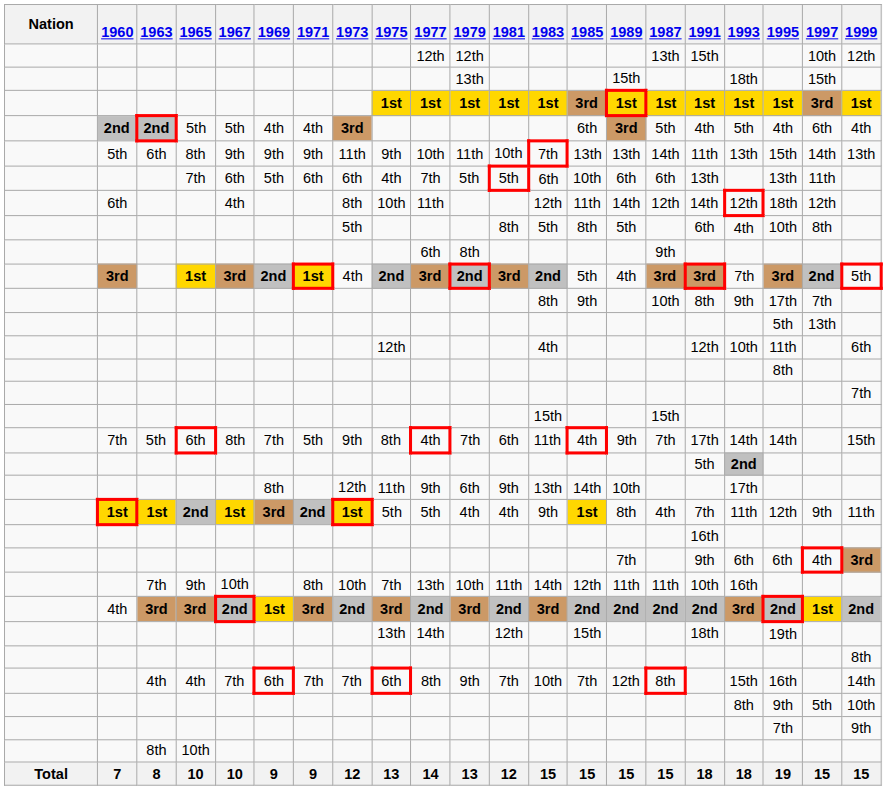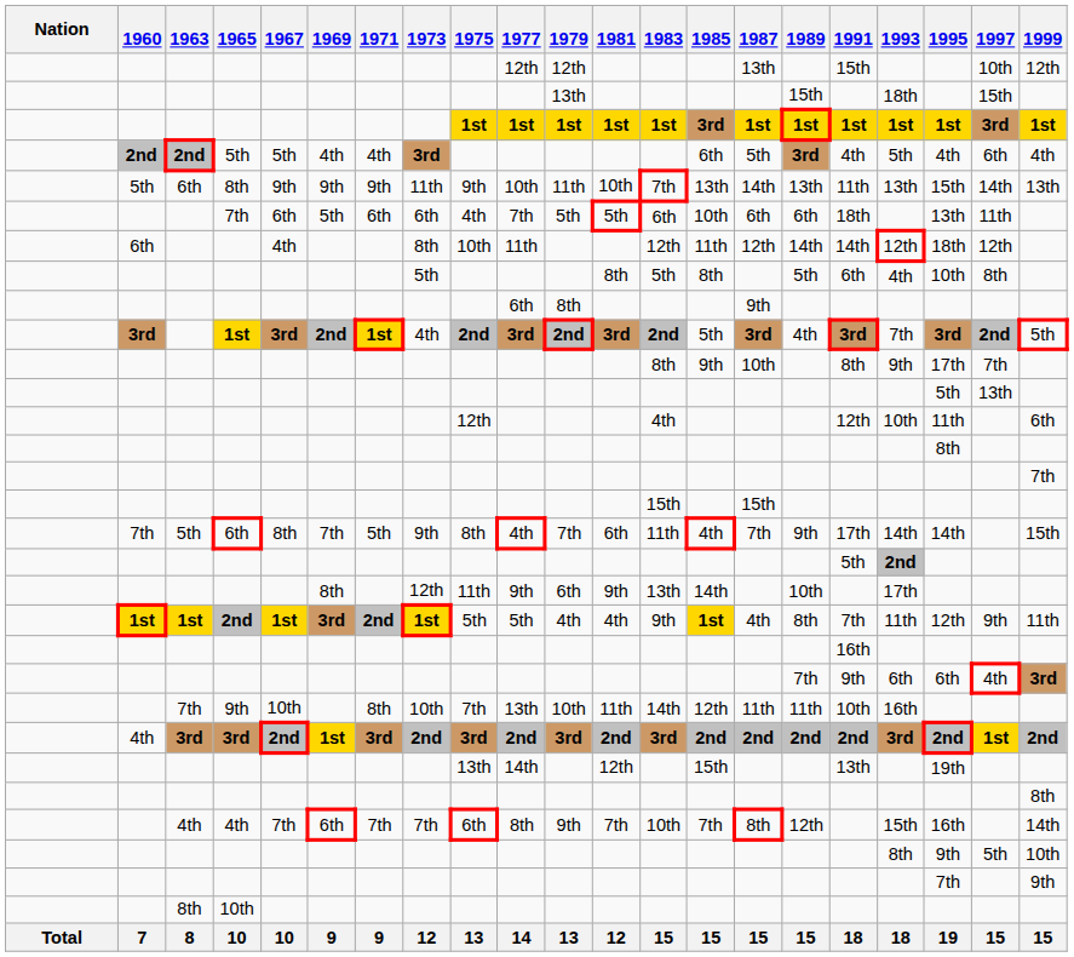 <table class="wikitable" style="text-align:center; font-size:90%">
 <tr>
 <th width=170>Nation</th>
 <th><br><a href='#'>1960</a></th>
 <th><br><a href='#'>1963</a></th>
 <th><br><a href='#'>1965</a></th>
 <th><br><a href='#'>1967</a></th>
 <th><br><a href='#'>1969</a></th>
 <th><br><a href='#'>1971</a></th>
 <th><br><a href='#'>1973</a></th>
 <th><br><a href='#'>1975</a></th>
 <th><br><a href='#'>1977</a></th>
 <th><br><a href='#'>1979</a></th>
 <th><br><a href='#'>1981</a></th>
 <th><br><a href='#'>1983</a></th>
 <th><br><a href='#'>1985</a></th>
+<th><br><a href='#'>1987</a></th>
 <th><br><a href='#'>1989</a></th>
-<th><br><a href='#'>1987</a></th>
 <th><br><a href='#'>1991</a></th>
 <th><br><a href='#'>1993</a></th>
 <th><br><a href='#'>1995</a></th>
 <th><br><a href='#'>1997</a></th>
 <th><br><a href='#'>1999</a></th>
 </tr>
 <tr>
 <td align=left></td>
 <td></td>
 <td></td>
 <td></td>
 <td></td>
 <td></td>
 <td></td>
 <td></td>
 <td></td>
 <td>12th</td>
 <td>12th</td>
 <td></td>
 <td></td>
 <td></td>
+<td>13th</td>
 <td></td>
-<td>13th</td>
 <td>15th</td>
 <td></td>
 <td></td>
 <td>10th</td>
 <td>12th</td>
 </tr>
 <tr>
 <td align=left></td>
 <td></td>
 <td></td>
 <td></td>
 <td></td>
 <td></td>
 <td></td>
 <td></td>
 <td></td>
 <td></td>
 <td>13th</td>
 <td></td>
 <td></td>
 <td></td>
+<td></td>
 <td>15th</td>
-<td></td>
 <td></td>
 <td>18th</td>
 <td></td>
 <td>15th</td>
 <td></td>
 </tr>
 <tr>
 <td align=left></td>
 <td></td>
 <td></td>
 <td></td>
 <td></td>
 <td></td>
 <td></td>
 <td></td>
 <td bgcolor=gold><strong>1st</strong></td>
 <td bgcolor=gold><strong>1st</strong></td>
 <td bgcolor=gold><strong>1st</strong></td>
 <td bgcolor=gold><strong>1st</strong></td>
 <td bgcolor=gold><strong>1st</strong></td>
 <td bgcolor=#cc9966><strong>3rd</strong></td>
+<td bgcolor=gold><strong>1st</strong></td>
 <td style="border: 3px solid red" bgcolor=gold><strong>1st</strong></td>
-<td bgcolor=gold><strong>1st</strong></td>
 <td bgcolor=gold><strong>1st</strong></td>
 <td bgcolor=gold><strong>1st</strong></td>
 <td bgcolor=gold><strong>1st</strong></td>
 <td bgcolor=#cc9966><strong>3rd</strong></td>
 <td bgcolor=gold><strong>1st</strong></td>
 </tr>
 <tr>
 <td align=left></td>
 <td bgcolor=silver><strong>2nd</strong></td>
 <td style="border: 3px solid red" bgcolor=silver><strong>2nd</strong></td>
 <td>5th</td>
 <td>5th</td>
 <td>4th</td>
 <td>4th</td>
 <td bgcolor=#cc9966><strong>3rd</strong></td>
 <td></td>
 <td></td>
 <td></td>
 <td></td>
 <td></td>
 <td>6th</td>
+<td>5th</td>
 <td bgcolor=#cc9966><strong>3rd</strong></td>
-<td>5th</td>
 <td>4th</td>
 <td>5th</td>
 <td>4th</td>
 <td>6th</td>
 <td>4th</td>
 </tr>
 <tr>
 <td align=left></td>
 <td>5th</td>
 <td>6th</td>
 <td>8th</td>
 <td>9th</td>
 <td>9th</td>
 <td>9th</td>
 <td>11th</td>
 <td>9th</td>
 <td>10th</td>
 <td>11th</td>
 <td>10th</td>
 <td style="border: 3px solid red">7th</td>
 <td>13th</td>
+<td>14th</td>
 <td>13th</td>
-<td>14th</td>
 <td>11th</td>
 <td>13th</td>
 <td>15th</td>
 <td>14th</td>
 <td>13th</td>
 </tr>
 <tr>
 <td align=left></td>
 <td></td>
 <td></td>
 <td>7th</td>
 <td>6th</td>
 <td>5th</td>
 <td>6th</td>
 <td>6th</td>
 <td>4th</td>
 <td>7th</td>
 <td>5th</td>
 <td style="border: 3px solid red">5th</td>
 <td>6th</td>
 <td>10th</td>
 <td>6th</td>
 <td>6th</td>
-<td>13th</td>
+<td>18th</td>
 <td></td>
 <td>13th</td>
 <td>11th</td>
 <td></td>
 </tr>
 <tr>
 <td align=left></td>
 <td>6th</td>
 <td></td>
 <td></td>
 <td>4th</td>
 <td></td>
 <td></td>
 <td>8th</td>
 <td>10th</td>
 <td>11th</td>
 <td></td>
 <td></td>
 <td>12th</td>
 <td>11th</td>
+<td>12th</td>
 <td>14th</td>
-<td>12th</td>
 <td>14th</td>
 <td style="border: 3px solid red">12th</td>
 <td>18th</td>
 <td>12th</td>
 <td></td>
 </tr>
 <tr>
 <td align=left></td>
 <td></td>
 <td></td>
 <td></td>
 <td></td>
 <td></td>
 <td></td>
 <td>5th</td>
 <td></td>
 <td></td>
 <td></td>
 <td>8th</td>
 <td>5th</td>
 <td>8th</td>
+<td></td>
 <td>5th</td>
-<td></td>
 <td>6th</td>
 <td>4th</td>
 <td>10th</td>
 <td>8th</td>
 <td></td>
 </tr>
 <tr>
 <td align=left></td>
 <td></td>
 <td></td>
 <td></td>
 <td></td>
 <td></td>
 <td></td>
 <td></td>
 <td></td>
 <td>6th</td>
 <td>8th</td>
 <td></td>
 <td></td>
 <td></td>
+<td>9th</td>
 <td></td>
-<td>9th</td>
 <td></td>
 <td></td>
 <td></td>
 <td></td>
 <td></td>
 </tr>
 <tr>
 <td align=left></td>
 <td bgcolor=#cc9966><strong>3rd</strong></td>
 <td></td>
 <td bgcolor=gold><strong>1st</strong></td>
 <td bgcolor=#cc9966><strong>3rd</strong></td>
 <td bgcolor=silver><strong>2nd</strong></td>
 <td style="border: 3px solid red" bgcolor=gold><strong>1st</strong></td>
 <td>4th</td>
 <td bgcolor=silver><strong>2nd</strong></td>
 <td bgcolor=#cc9966><strong>3rd</strong></td>
 <td style="border: 3px solid red" bgcolor=silver><strong>2nd</strong></td>
 <td bgcolor=#cc9966><strong>3rd</strong></td>
 <td bgcolor=silver><strong>2nd</strong></td>
 <td>5th</td>
+<td bgcolor=#cc9966><strong>3rd</strong></td>
 <td>4th</td>
-<td bgcolor=#cc9966><strong>3rd</strong></td>
 <td style="border: 3px solid red" bgcolor=#cc9966><strong>3rd</strong></td>
 <td>7th</td>
 <td bgcolor=#cc9966><strong>3rd</strong></td>
 <td bgcolor=silver><strong>2nd</strong></td>
 <td style="border: 3px solid red">5th</td>
 </tr>
 <tr>
 <td align=left></td>
 <td></td>
 <td></td>
 <td></td>
 <td></td>
 <td></td>
 <td></td>
 <td></td>
 <td></td>
 <td></td>
 <td></td>
 <td></td>
 <td>8th</td>
 <td>9th</td>
+<td>10th</td>
 <td></td>
-<td>10th</td>
 <td>8th</td>
 <td>9th</td>
 <td>17th</td>
 <td>7th</td>
 <td></td>
 </tr>
 <tr>
 <td align=left></td>
 <td></td>
 <td></td>
 <td></td>
 <td></td>
 <td></td>
 <td></td>
 <td></td>
 <td></td>
 <td></td>
 <td></td>
 <td></td>
 <td></td>
 <td></td>
 <td></td>
 <td></td>
 <td></td>
 <td></td>
 <td>5th</td>
 <td>13th</td>
 <td></td>
 </tr>
 <tr>
 <td align=left></td>
 <td></td>
 <td></td>
 <td></td>
 <td></td>
 <td></td>
 <td></td>
 <td></td>
 <td>12th</td>
 <td></td>
 <td></td>
 <td></td>
 <td>4th</td>
 <td></td>
 <td></td>
 <td></td>
 <td>12th</td>
 <td>10th</td>
 <td>11th</td>
 <td></td>
 <td>6th</td>
 </tr>
 <tr>
 <td align=left></td>
 <td></td>
 <td></td>
 <td></td>
 <td></td>
 <td></td>
 <td></td>
 <td></td>
 <td></td>
 <td></td>
 <td></td>
 <td></td>
 <td></td>
 <td></td>
 <td></td>
 <td></td>
 <td></td>
 <td></td>
 <td>8th</td>
 <td></td>
 <td></td>
 </tr>
 <tr>
 <td align=left></td>
 <td></td>
 <td></td>
 <td></td>
 <td></td>
 <td></td>
 <td></td>
 <td></td>
 <td></td>
 <td></td>
 <td></td>
 <td></td>
 <td></td>
 <td></td>
 <td></td>
 <td></td>
 <td></td>
 <td></td>
 <td></td>
 <td></td>
 <td>7th</td>
 </tr>
 <tr>
 <td align=left></td>
 <td></td>
 <td></td>
 <td></td>
 <td></td>
 <td></td>
 <td></td>
 <td></td>
 <td></td>
 <td></td>
 <td></td>
 <td></td>
 <td>15th</td>
 <td></td>
+<td>15th</td>
 <td></td>
-<td>15th</td>
 <td></td>
 <td></td>
 <td></td>
 <td></td>
 <td></td>
 </tr>
 <tr>
 <td align=left></td>
 <td>7th</td>
 <td>5th</td>
 <td style="border: 3px solid red">6th</td>
 <td>8th</td>
 <td>7th</td>
 <td>5th</td>
 <td>9th</td>
 <td>8th</td>
 <td style="border: 3px solid red">4th</td>
 <td>7th</td>
 <td>6th</td>
 <td>11th</td>
 <td style="border: 3px solid red">4th</td>
+<td>7th</td>
 <td>9th</td>
-<td>7th</td>
 <td>17th</td>
 <td>14th</td>
 <td>14th</td>
 <td></td>
 <td>15th</td>
 </tr>
 <tr>
 <td align=left></td>
 <td></td>
 <td></td>
 <td></td>
 <td></td>
 <td></td>
 <td></td>
 <td></td>
 <td></td>
 <td></td>
 <td></td>
 <td></td>
 <td></td>
 <td></td>
 <td></td>
 <td></td>
 <td>5th</td>
 <td bgcolor=silver><strong>2nd</strong></td>
 <td></td>
 <td></td>
 <td></td>
 </tr>
 <tr>
 <td align=left></td>
 <td></td>
 <td></td>
 <td></td>
 <td></td>
 <td>8th</td>
 <td></td>
 <td>12th</td>
 <td>11th</td>
 <td>9th</td>
 <td>6th</td>
 <td>9th</td>
 <td>13th</td>
 <td>14th</td>
+<td></td>
 <td>10th</td>
-<td></td>
 <td></td>
 <td>17th</td>
 <td></td>
 <td></td>
 <td></td>
 </tr>
 <tr>
 <td align=left></td>
 <td style="border: 3px solid red" bgcolor=gold><strong>1st</strong></td>
 <td bgcolor=gold><strong>1st</strong></td>
 <td bgcolor=silver><strong>2nd</strong></td>
 <td bgcolor=gold><strong>1st</strong></td>
 <td bgcolor=#cc9966><strong>3rd</strong></td>
 <td bgcolor=silver><strong>2nd</strong></td>
 <td style="border: 3px solid red" bgcolor=gold><strong>1st</strong></td>
 <td>5th</td>
 <td>5th</td>
 <td>4th</td>
 <td>4th</td>
 <td>9th</td>
 <td bgcolor=gold><strong>1st</strong></td>
+<td>4th</td>
 <td>8th</td>
-<td>4th</td>
 <td>7th</td>
 <td>11th</td>
 <td>12th</td>
 <td>9th</td>
 <td>11th</td>
 </tr>
 <tr>
 <td align=left></td>
 <td></td>
 <td></td>
 <td></td>
 <td></td>
 <td></td>
 <td></td>
 <td></td>
 <td></td>
 <td></td>
 <td></td>
 <td></td>
 <td></td>
 <td></td>
 <td></td>
 <td></td>
 <td>16th</td>
 <td></td>
 <td></td>
 <td></td>
 <td></td>
 </tr>
 <tr>
 <td align=left></td>
 <td></td>
 <td></td>
 <td></td>
 <td></td>
 <td></td>
 <td></td>
 <td></td>
 <td></td>
 <td></td>
 <td></td>
 <td></td>
 <td></td>
 <td></td>
+<td></td>
 <td>7th</td>
-<td></td>
 <td>9th</td>
 <td>6th</td>
 <td>6th</td>
 <td style="border: 3px solid red">4th</td>
 <td bgcolor=#cc9966><strong>3rd</strong></td>
 </tr>
 <tr>
 <td align=left></td>
 <td></td>
 <td>7th</td>
 <td>9th</td>
 <td>10th</td>
 <td></td>
 <td>8th</td>
 <td>10th</td>
 <td>7th</td>
 <td>13th</td>
 <td>10th</td>
 <td>11th</td>
 <td>14th</td>
 <td>12th</td>
 <td>11th</td>
 <td>11th</td>
 <td>10th</td>
 <td>16th</td>
 <td></td>
 <td></td>
 <td></td>
 </tr>
 <tr>
 <td align=left></td>
 <td>4th</td>
 <td bgcolor=#cc9966><strong>3rd</strong></td>
 <td bgcolor=#cc9966><strong>3rd</strong></td>
 <td style="border: 3px solid red" bgcolor=silver><strong>2nd</strong></td>
 <td bgcolor=gold><strong>1st</strong></td>
 <td bgcolor=#cc9966><strong>3rd</strong></td>
 <td bgcolor=silver><strong>2nd</strong></td>
 <td bgcolor=#cc9966><strong>3rd</strong></td>
 <td bgcolor=silver><strong>2nd</strong></td>
 <td bgcolor=#cc9966><strong>3rd</strong></td>
 <td bgcolor=silver><strong>2nd</strong></td>
 <td bgcolor=#cc9966><strong>3rd</strong></td>
 <td bgcolor=silver><strong>2nd</strong></td>
 <td bgcolor=silver><strong>2nd</strong></td>
 <td bgcolor=silver><strong>2nd</strong></td>
 <td bgcolor=silver><strong>2nd</strong></td>
 <td bgcolor=#cc9966><strong>3rd</strong></td>
 <td style="border: 3px solid red" bgcolor=silver><strong>2nd</strong></td>
 <td bgcolor=gold><strong>1st</strong></td>
 <td bgcolor=silver><strong>2nd</strong></td>
 </tr>
 <tr>
 <td align=left></td>
 <td></td>
 <td></td>
 <td></td>
 <td></td>
 <td></td>
 <td></td>
 <td></td>
 <td>13th</td>
 <td>14th</td>
 <td></td>
 <td>12th</td>
 <td></td>
 <td>15th</td>
 <td></td>
 <td></td>
-<td>18th</td>
+<td>13th</td>
 <td></td>
 <td>19th</td>
 <td></td>
 <td></td>
 </tr>
 <tr>
 <td align=left></td>
 <td></td>
 <td></td>
 <td></td>
 <td></td>
 <td></td>
 <td></td>
 <td></td>
 <td></td>
 <td></td>
 <td></td>
 <td></td>
 <td></td>
 <td></td>
 <td></td>
 <td></td>
 <td></td>
 <td></td>
 <td></td>
 <td></td>
 <td>8th</td>
 </tr>
 <tr>
 <td align=left></td>
 <td></td>
 <td>4th</td>
 <td>4th</td>
 <td>7th</td>
 <td style="border: 3px solid red">6th</td>
 <td>7th</td>
 <td>7th</td>
 <td style="border: 3px solid red">6th</td>
 <td>8th</td>
 <td>9th</td>
 <td>7th</td>
 <td>10th</td>
 <td>7th</td>
+<td style="border: 3px solid red">8th</td>
 <td>12th</td>
-<td style="border: 3px solid red">8th</td>
 <td></td>
 <td>15th</td>
 <td>16th</td>
 <td></td>
 <td>14th</td>
 </tr>
 <tr>
 <td align=left></td>
 <td></td>
 <td></td>
 <td></td>
 <td></td>
 <td></td>
 <td></td>
 <td></td>
 <td></td>
 <td></td>
 <td></td>
 <td></td>
 <td></td>
 <td></td>
 <td></td>
 <td></td>
 <td></td>
 <td>8th</td>
 <td>9th</td>
 <td>5th</td>
 <td>10th</td>
 </tr>
 <tr>
 <td align=left></td>
 <td></td>
 <td></td>
 <td></td>
 <td></td>
 <td></td>
 <td></td>
 <td></td>
 <td></td>
 <td></td>
 <td></td>
 <td></td>
 <td></td>
 <td></td>
 <td></td>
 <td></td>
 <td></td>
 <td></td>
 <td>7th</td>
 <td></td>
 <td>9th</td>
 </tr>
 <tr>
 <td align=left></td>
 <td></td>
 <td>8th</td>
 <td>10th</td>
 <td></td>
 <td></td>
 <td></td>
 <td></td>
 <td></td>
 <td></td>
 <td></td>
 <td></td>
 <td></td>
 <td></td>
 <td></td>
 <td></td>
 <td></td>
 <td></td>
 <td></td>
 <td></td>
 <td></td>
 </tr>
 <tr>
 <th>Total</th>
 <th>7</th>
 <th>8</th>
 <th>10</th>
 <th>10</th>
 <th>9</th>
 <th>9</th>
 <th>12</th>
 <th>13</th>
 <th>14</th>
 <th>13</th>
 <th>12</th>
 <th>15</th>
 <th>15</th>
 <th>15</th>
 <th>15</th>
 <th>18</th>
 <th>18</th>
 <th>19</th>
 <th>15</th>
 <th>15</th>
 </tr>
 </table>
